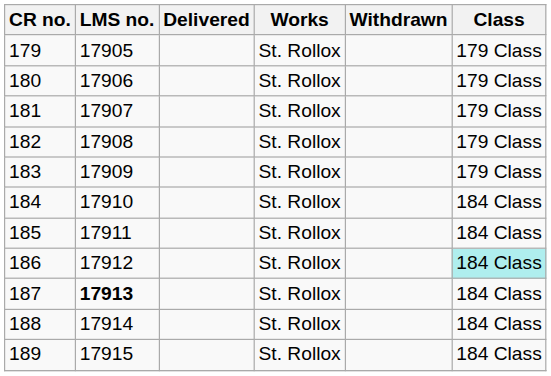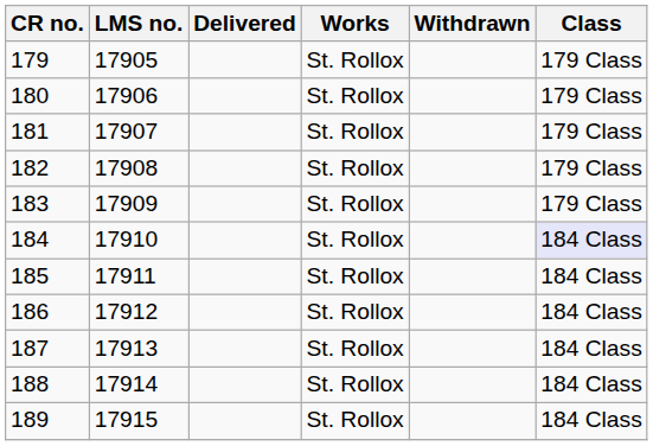 <table class="wikitable sortable">
 <tr>
 <th>CR no.</th>
 <th>LMS no.</th>
 <th>Delivered</th>
 <th>Works</th>
 <th>Withdrawn</th>
 <th>Class</th>
 </tr>
 <tr>
 <td>179</td>
 <td>17905</td>
 <td></td>
 <td>St. Rollox</td>
 <td></td>
 <td>179 Class</td>
 </tr>
 <tr>
 <td>180</td>
 <td>17906</td>
 <td></td>
 <td>St. Rollox</td>
 <td></td>
 <td>179 Class</td>
 </tr>
 <tr>
 <td>181</td>
 <td>17907</td>
 <td></td>
 <td>St. Rollox</td>
 <td></td>
 <td>179 Class</td>
 </tr>
 <tr>
 <td>182</td>
 <td>17908</td>
 <td></td>
 <td>St. Rollox</td>
 <td></td>
 <td>179 Class</td>
 </tr>
 <tr>
 <td>183</td>
 <td>17909</td>
 <td></td>
 <td>St. Rollox</td>
 <td></td>
 <td>179 Class</td>
 </tr>
 <tr>
 <td>184</td>
 <td>17910</td>
 <td></td>
 <td>St. Rollox</td>
 <td></td>
-<td>184 Class</td>
+<td style="background: lavender;">184 Class</td>
 </tr>
 <tr>
 <td>185</td>
 <td>17911</td>
 <td></td>
 <td>St. Rollox</td>
 <td></td>
 <td>184 Class</td>
 </tr>
 <tr>
 <td>186</td>
 <td>17912</td>
 <td></td>
 <td>St. Rollox</td>
 <td></td>
-<td style="background: paleturquoise;">184 Class</td>
+<td>184 Class</td>
 </tr>
 <tr>
 <td>187</td>
-<td><strong>17913</strong></td>
+<td>17913</td>
 <td></td>
 <td>St. Rollox</td>
 <td></td>
 <td>184 Class</td>
 </tr>
 <tr>
 <td>188</td>
 <td>17914</td>
 <td></td>
 <td>St. Rollox</td>
 <td></td>
 <td>184 Class</td>
 </tr>
 <tr>
 <td>189</td>
 <td>17915</td>
 <td></td>
 <td>St. Rollox</td>
 <td></td>
 <td>184 Class</td>
 </tr>
 <tr>
 </tr>
 </table>
